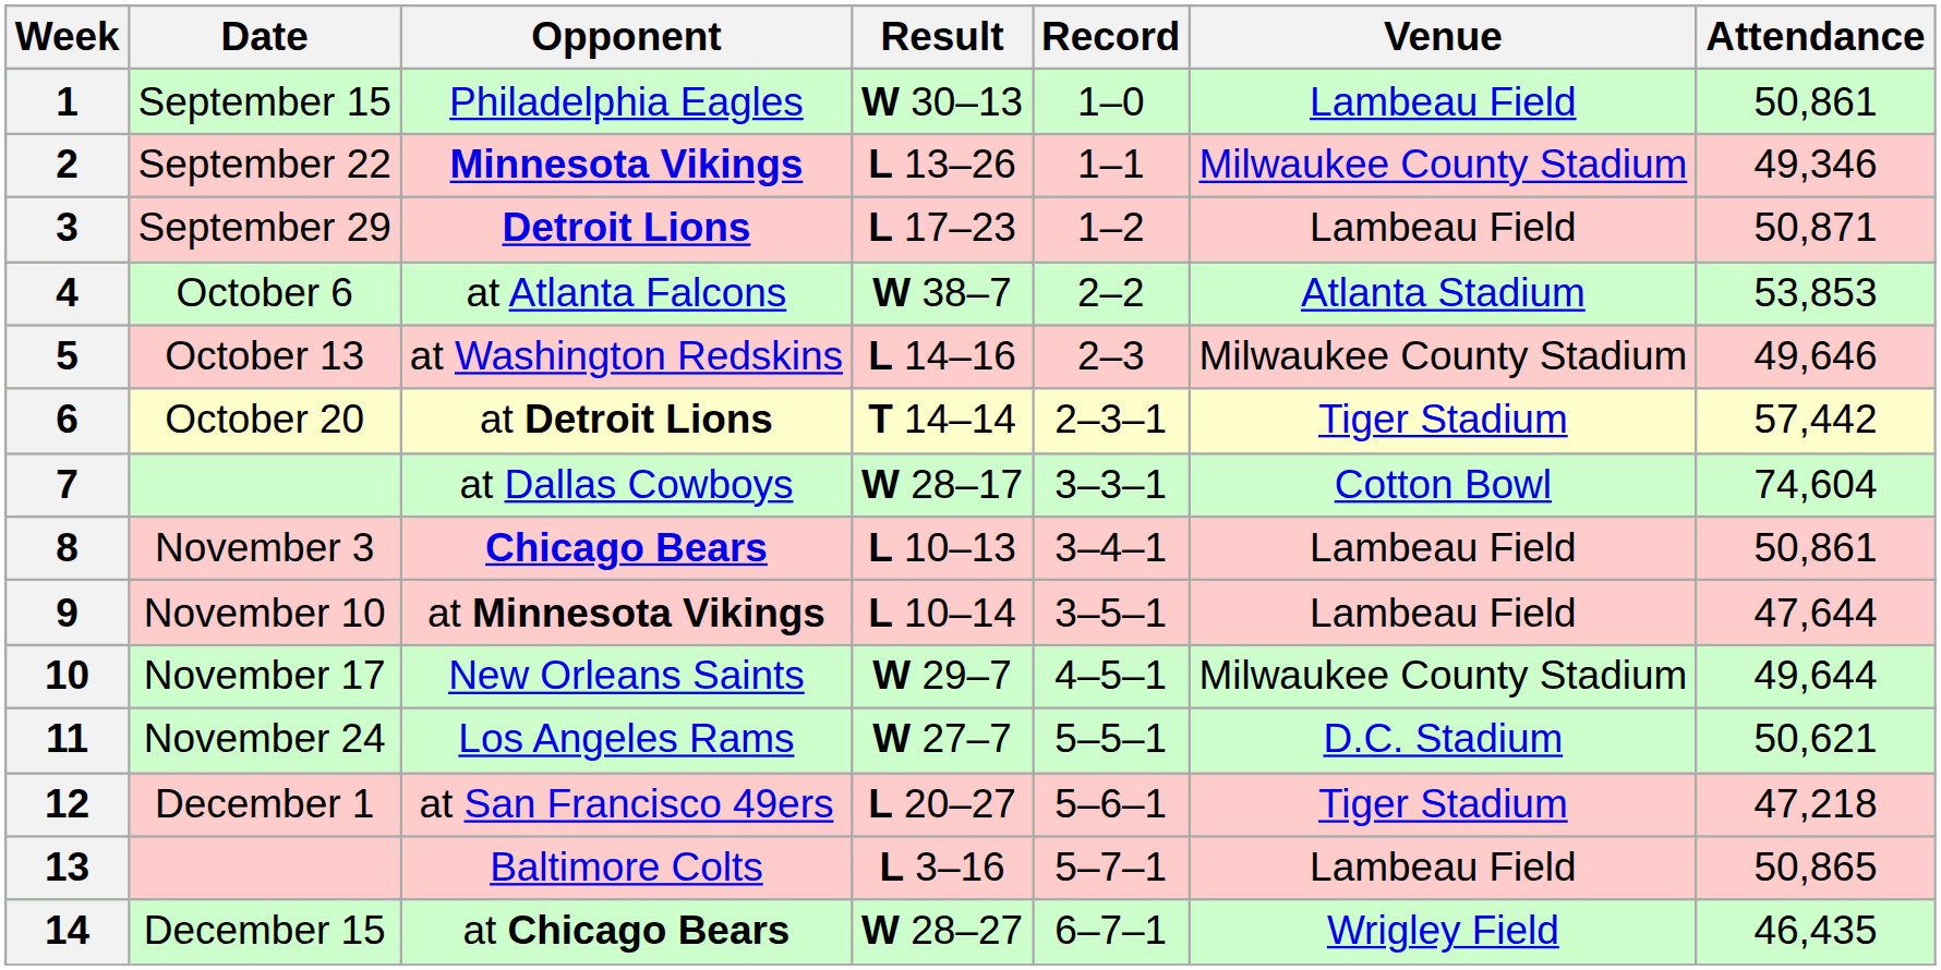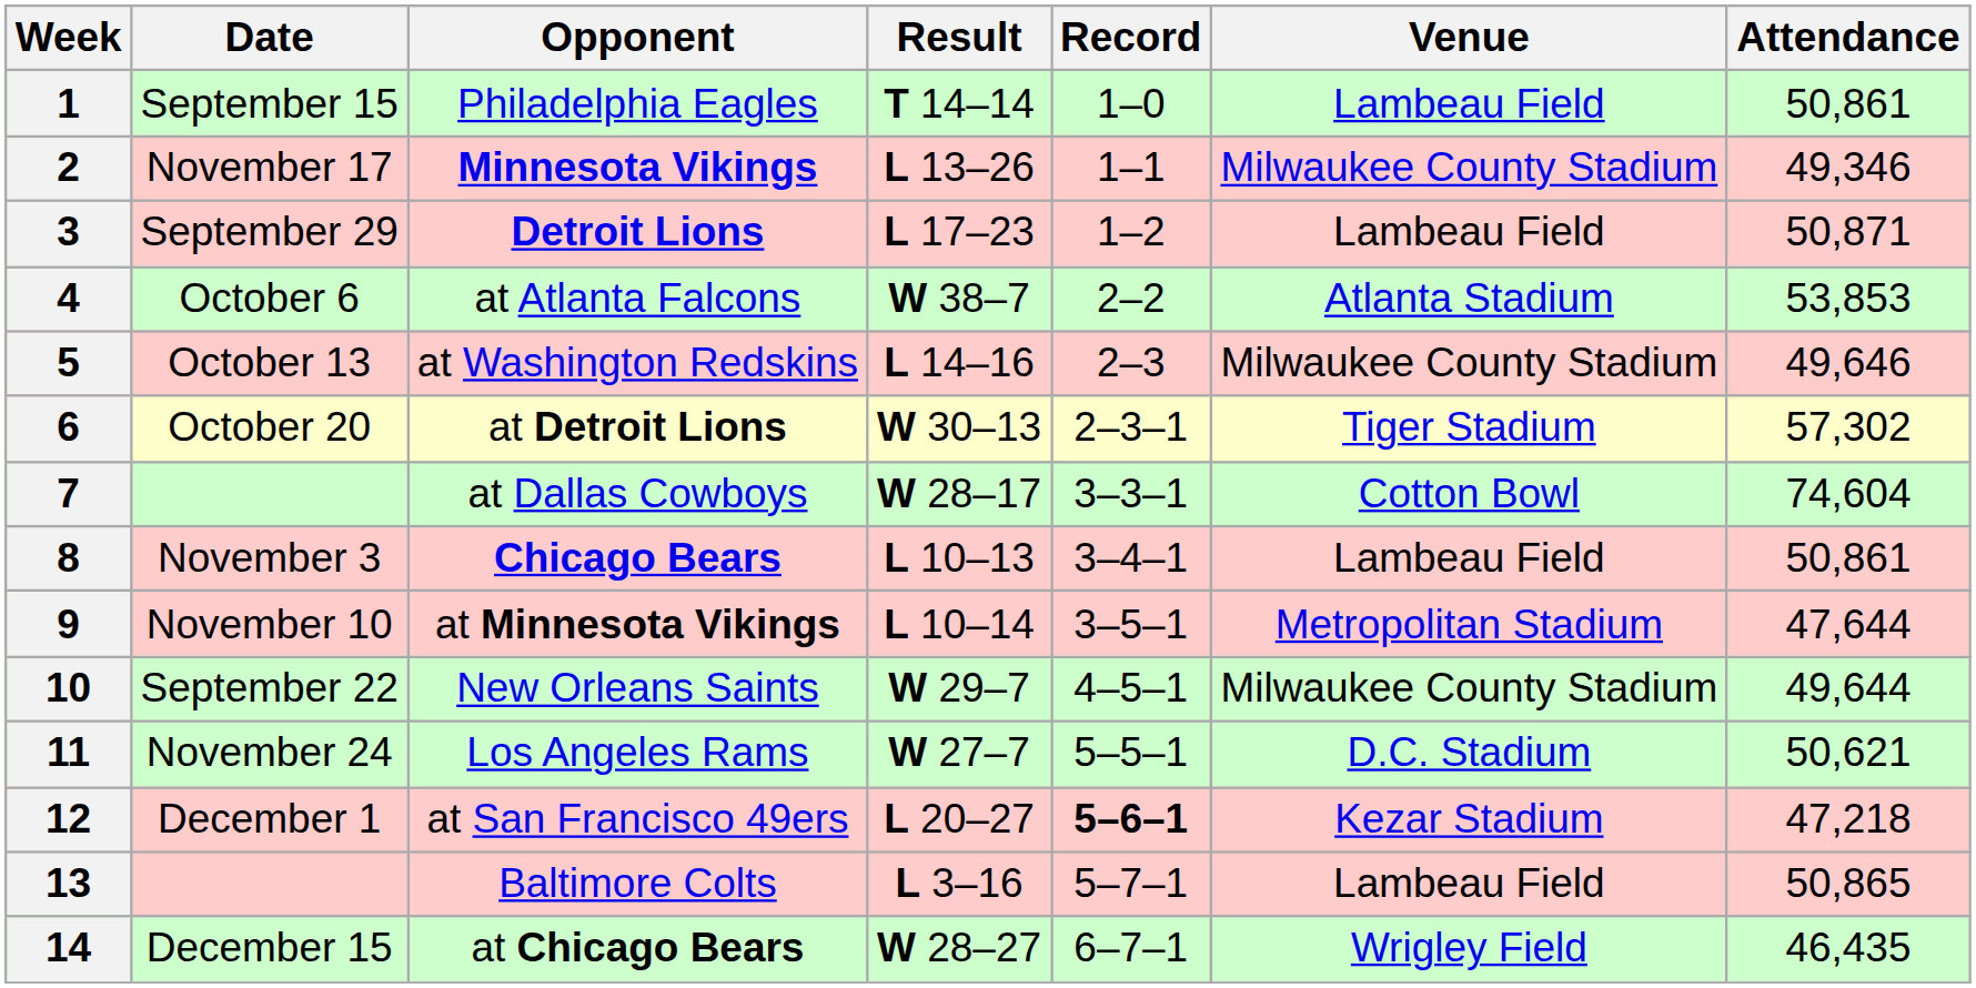 <table class="wikitable" style="text-align:center">
 <tr>
 <th>Week</th>
 <th>Date</th>
 <th>Opponent</th>
 <th>Result</th>
 <th>Record</th>
 <th>Venue</th>
 <th>Attendance</th>
 </tr>
 <tr style="background:#cfc">
 <th>1</th>
 <td>September 15</td>
 <td><a href='#'>Philadelphia Eagles</a></td>
-<td><strong>W</strong> 30–13</td>
+<td><strong>T</strong> 14–14</td>
 <td>1–0</td>
 <td><a href='#'>Lambeau Field</a></td>
 <td>50,861</td>
 </tr>
 <tr style="background:#fcc">
 <th>2</th>
-<td>September 22</td>
+<td>November 17</td>
 <td><strong><a href='#'>Minnesota Vikings</a></strong></td>
 <td><strong>L</strong> 13–26</td>
 <td>1–1</td>
 <td><a href='#'>Milwaukee County Stadium</a></td>
 <td>49,346</td>
 </tr>
 <tr style="background:#fcc">
 <th>3</th>
 <td>September 29</td>
 <td><strong><a href='#'>Detroit Lions</a></strong></td>
 <td><strong>L</strong> 17–23</td>
 <td>1–2</td>
 <td>Lambeau Field</td>
 <td>50,871</td>
 </tr>
 <tr style="background:#cfc">
 <th>4</th>
 <td>October 6</td>
 <td>at <a href='#'>Atlanta Falcons</a></td>
 <td><strong>W</strong> 38–7</td>
 <td>2–2</td>
 <td><a href='#'>Atlanta Stadium</a></td>
 <td>53,853</td>
 </tr>
 <tr style="background:#fcc">
 <th>5</th>
 <td>October 13</td>
 <td>at <a href='#'>Washington Redskins</a></td>
 <td><strong>L</strong> 14–16</td>
 <td>2–3</td>
 <td>Milwaukee County Stadium</td>
 <td>49,646</td>
 </tr>
 <tr style="background:#ffc">
 <th>6</th>
 <td>October 20</td>
 <td>at <strong>Detroit Lions</strong></td>
-<td><strong>T</strong> 14–14</td>
+<td><strong>W</strong> 30–13</td>
 <td>2–3–1</td>
 <td><a href='#'>Tiger Stadium</a></td>
-<td>57,442</td>
+<td>57,302</td>
 </tr>
 <tr style="background:#cfc">
 <th>7</th>
 <td></td>
 <td>at <a href='#'>Dallas Cowboys</a></td>
 <td><strong>W</strong> 28–17</td>
 <td>3–3–1</td>
 <td><a href='#'>Cotton Bowl</a></td>
 <td>74,604</td>
 </tr>
 <tr style="background:#fcc">
 <th>8</th>
 <td>November 3</td>
 <td><strong><a href='#'>Chicago Bears</a></strong></td>
 <td><strong>L</strong> 10–13</td>
 <td>3–4–1</td>
 <td>Lambeau Field</td>
 <td>50,861</td>
 </tr>
 <tr style="background:#fcc">
 <th>9</th>
 <td>November 10</td>
 <td>at <strong>Minnesota Vikings</strong></td>
 <td><strong>L</strong> 10–14</td>
 <td>3–5–1</td>
-<td>Lambeau Field</td>
+<td><a href='#'>Metropolitan Stadium</a></td>
 <td>47,644</td>
 </tr>
 <tr style="background:#cfc">
 <th>10</th>
-<td>November 17</td>
+<td>September 22</td>
 <td><a href='#'>New Orleans Saints</a></td>
 <td><strong>W</strong> 29–7</td>
 <td>4–5–1</td>
 <td>Milwaukee County Stadium</td>
 <td>49,644</td>
 </tr>
 <tr style="background:#cfc">
 <th>11</th>
 <td>November 24</td>
 <td><a href='#'>Los Angeles Rams</a></td>
 <td><strong>W</strong> 27–7</td>
 <td>5–5–1</td>
 <td><a href='#'>D.C. Stadium</a></td>
 <td>50,621</td>
 </tr>
 <tr style="background:#fcc">
 <th>12</th>
 <td>December 1</td>
 <td>at <a href='#'>San Francisco 49ers</a></td>
 <td><strong>L</strong> 20–27</td>
-<td>5–6–1</td>
-<td><a href='#'>Tiger Stadium</a></td>
+<td><strong>5–6–1</strong></td>
+<td><a href='#'>Kezar Stadium</a></td>
 <td>47,218</td>
 </tr>
 <tr style="background:#fcc">
 <th>13</th>
 <td></td>
 <td><a href='#'>Baltimore Colts</a></td>
 <td><strong>L</strong> 3–16</td>
 <td>5–7–1</td>
 <td>Lambeau Field</td>
 <td>50,865</td>
 </tr>
 <tr style="background:#cfc">
 <th>14</th>
 <td>December 15</td>
 <td>at <strong>Chicago Bears</strong></td>
 <td><strong>W</strong> 28–27</td>
 <td>6–7–1</td>
 <td><a href='#'>Wrigley Field</a></td>
 <td>46,435</td>
 </tr>
 </table>
